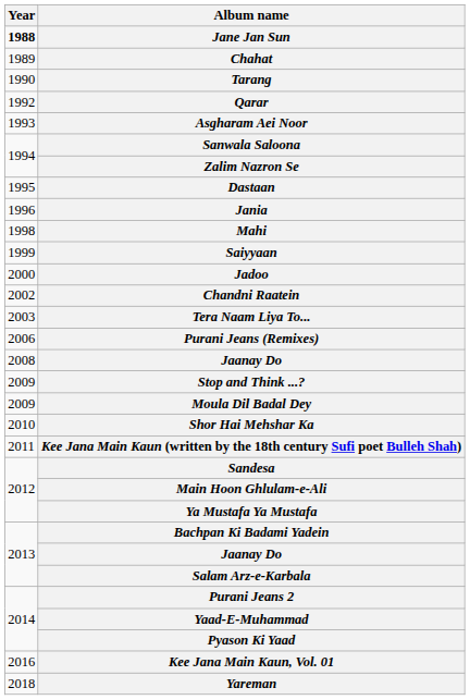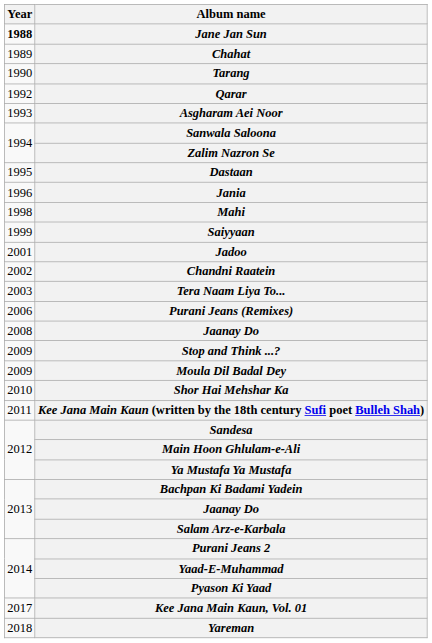 <table class="wikitable sortable plainrowheaders">
 <tr>
 <th scope="col">Year</th>
 <th scope="col">Album name</th>
 </tr>
 <tr>
 <td><strong>1988</strong></td>
 <th scope="row"><em>Jane Jan Sun</em></th>
 </tr>
 <tr>
 <td>1989</td>
 <th scope="row"><em>Chahat</em></th>
 </tr>
 <tr>
 <td>1990</td>
 <th scope="row"><em>Tarang</em></th>
 </tr>
 <tr>
 <td>1992</td>
 <th scope="row"><em>Qarar</em></th>
 </tr>
 <tr>
 <td>1993</td>
 <th scope="row"><em>Asgharam Aei Noor</em></th>
 </tr>
 <tr>
 <td rowspan="2">1994</td>
 <th scope="row"><em>Sanwala Saloona</em></th>
 </tr>
 <tr>
 <th scope="row"><em>Zalim Nazron Se</em></th>
 </tr>
 <tr>
 <td>1995</td>
 <th scope="row"><em>Dastaan</em></th>
 </tr>
 <tr>
 <td>1996</td>
 <th scope="row"><em>Jania</em></th>
 </tr>
 <tr>
 <td>1998</td>
 <th scope="row"><em>Mahi</em></th>
 </tr>
 <tr>
 <td>1999</td>
 <th scope="row"><em>Saiyyaan</em></th>
 </tr>
 <tr>
-<td>2000</td>
+<td>2001</td>
 <th scope="row"><em>Jadoo</em></th>
 </tr>
 <tr>
 <td>2002</td>
 <th scope="row"><em>Chandni Raatein</em></th>
 </tr>
 <tr>
 <td>2003</td>
 <th scope="row"><em>Tera Naam Liya To...</em></th>
 </tr>
 <tr>
 <td>2006</td>
 <th scope="row"><em>Purani Jeans (Remixes)</em></th>
 </tr>
 <tr>
 <td>2008</td>
 <th scope="row"><em>Jaanay Do</em></th>
 </tr>
 <tr>
 <td>2009</td>
 <th scope="row"><em>Stop and Think ...?</em></th>
 </tr>
 <tr>
 <td>2009</td>
 <th scope="row"><em>Moula Dil Badal Dey</em></th>
 </tr>
 <tr>
 <td>2010</td>
 <th scope="row"><em>Shor Hai Mehshar Ka</em></th>
 </tr>
 <tr>
 <td>2011</td>
 <th scope="row"><em>Kee Jana Main Kaun</em> (written by the 18th century <a href='#'>Sufi</a> poet <a href='#'>Bulleh Shah</a>)</th>
 </tr>
 <tr>
 <td rowspan="3">2012</td>
 <th scope="row"><em>Sandesa</em></th>
 </tr>
 <tr>
 <th scope="row"><em>Main Hoon Ghlulam-e-Ali</em></th>
 </tr>
 <tr>
 <th scope="row"><em>Ya Mustafa Ya Mustafa</em></th>
 </tr>
 <tr>
 <td rowspan="3">2013</td>
 <th scope="row"><em>Bachpan Ki Badami Yadein</em></th>
 </tr>
 <tr>
 <th scope="row"><em>Jaanay Do</em></th>
 </tr>
 <tr>
 <th scope="row"><em>Salam Arz-e-Karbala</em></th>
 </tr>
 <tr>
 <td rowspan="3">2014</td>
 <th scope="row"><em>Purani Jeans 2</em></th>
 </tr>
 <tr>
 <th scope="row"><em>Yaad-E-Muhammad</em></th>
 </tr>
 <tr>
 <th scope="row"><em>Pyason Ki Yaad</em></th>
 </tr>
 <tr>
-<td>2016</td>
+<td>2017</td>
 <th scope="row"><em>Kee Jana Main Kaun, Vol. 01</em></th>
 </tr>
 <tr>
 <td>2018</td>
 <th scope="row"><em>Yareman</em></th>
 </tr>
 </table>
